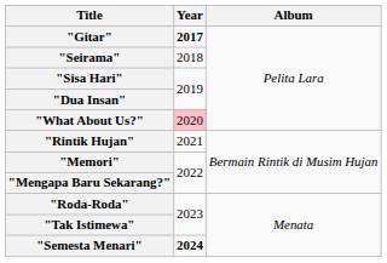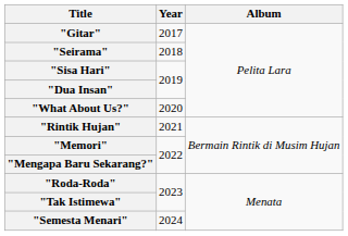 <table class="wikitable plainrowheaders" style="text-align:center">
 <tr>
 <th scope="col">Title</th>
 <th>Year</th>
 <th scope="col">Album</th>
 </tr>
 <tr>
 <th scope="row">"Gitar"<br></th>
-<td><strong>2017</strong></td>
+<td>2017</td>
 <td rowspan="5"><em>Pelita Lara</em></td>
 </tr>
 <tr>
 <th scope="row">"Seirama"</th>
 <td>2018</td>
 </tr>
 <tr>
 <th scope="row">"Sisa Hari"</th>
 <td rowspan="2">2019</td>
 </tr>
 <tr>
 <th scope="row">"Dua Insan"<br></th>
 </tr>
 <tr>
 <th scope="row">"What About Us?"</th>
-<td style="background: pink;">2020</td>
+<td>2020</td>
 </tr>
 <tr>
 <th scope="row">"Rintik Hujan"<br></th>
 <td>2021</td>
 <td rowspan="3"><em>Bermain Rintik di Musim Hujan</em></td>
 </tr>
 <tr>
 <th scope="row">"Memori"<br></th>
 <td rowspan="2">2022</td>
 </tr>
 <tr>
 <th scope="row">"Mengapa Baru Sekarang?"<br></th>
 </tr>
 <tr>
 <th scope="row">"Roda-Roda"</th>
 <td rowspan="2">2023</td>
 <td rowspan="3"><em>Menata</em></td>
 </tr>
 <tr>
 <th scope="row">"Tak Istimewa"</th>
 </tr>
 <tr>
 <th scope="row">"Semesta Menari"</th>
-<td><strong>2024</strong></td>
+<td>2024</td>
 </tr>
 </table>
